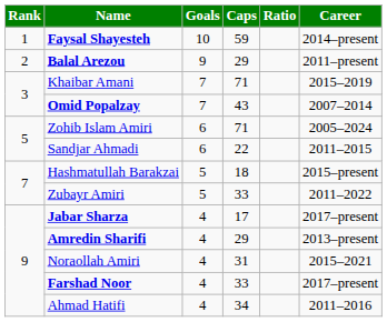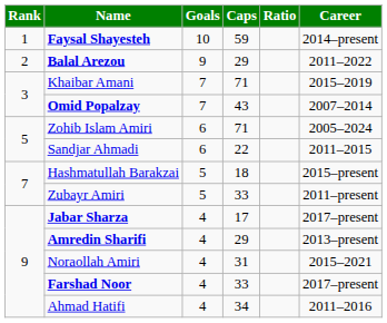 <table class="wikitable sortable" style="text-align:center">
 <tr>
 <th style="background:green; color:#FFF; ">Rank</th>
 <th style="background:green; color:#FFF; ">Name</th>
 <th style="background:green; color:#FFF; ">Goals</th>
 <th style="background:green; color:#FFF; ">Caps</th>
 <th style="background:green; color:#FFF; ">Ratio</th>
 <th style="background:green; color:#FFF; ">Career</th>
 </tr>
 <tr>
 <td>1</td>
 <td style="text-align:left"><strong><a href='#'>Faysal Shayesteh</a></strong></td>
 <td>10</td>
 <td>59</td>
 <td></td>
 <td>2014–present</td>
 </tr>
 <tr>
 <td>2</td>
 <td style="text-align:left"><strong><a href='#'>Balal Arezou</a></strong></td>
 <td>9</td>
 <td>29</td>
 <td></td>
-<td>2011–present</td>
+<td>2011–2022</td>
 </tr>
 <tr>
 <td rowspan="2">3</td>
 <td style="text-align:left"><a href='#'>Khaibar Amani</a></td>
 <td>7</td>
 <td>71</td>
 <td></td>
 <td>2015–2019</td>
 </tr>
 <tr>
 <td style="text-align:left"><strong><a href='#'>Omid Popalzay</a></strong></td>
 <td>7</td>
 <td>43</td>
 <td></td>
 <td>2007–2014</td>
 </tr>
 <tr>
 <td rowspan="2">5</td>
 <td style="text-align:left"><a href='#'>Zohib Islam Amiri</a></td>
 <td>6</td>
 <td>71</td>
 <td></td>
 <td>2005–2024</td>
 </tr>
 <tr>
 <td style="text-align:left"><a href='#'>Sandjar Ahmadi</a></td>
 <td>6</td>
 <td>22</td>
 <td></td>
 <td>2011–2015</td>
 </tr>
 <tr>
 <td rowspan="2">7</td>
 <td style="text-align:left"><a href='#'>Hashmatullah Barakzai</a></td>
 <td>5</td>
 <td>18</td>
 <td></td>
 <td>2015–present</td>
 </tr>
 <tr>
 <td style="text-align:left"><a href='#'>Zubayr Amiri</a></td>
 <td>5</td>
 <td>33</td>
 <td></td>
-<td>2011–2022</td>
+<td>2011–present</td>
 </tr>
 <tr>
 <td rowspan="5">9</td>
 <td style="text-align:left"><strong><a href='#'>Jabar Sharza</a></strong></td>
 <td>4</td>
 <td>17</td>
 <td></td>
 <td>2017–present</td>
 </tr>
 <tr>
 <td style="text-align:left"><strong><a href='#'>Amredin Sharifi</a></strong></td>
 <td>4</td>
 <td>29</td>
 <td></td>
 <td>2013–present</td>
 </tr>
 <tr>
 <td style="text-align:left"><a href='#'>Noraollah Amiri</a></td>
 <td>4</td>
 <td>31</td>
 <td></td>
 <td>2015–2021</td>
 </tr>
 <tr>
 <td style="text-align:left"><strong><a href='#'>Farshad Noor</a></strong></td>
 <td>4</td>
 <td>33</td>
 <td></td>
 <td>2017–present</td>
 </tr>
 <tr>
 <td style="text-align:left"><a href='#'>Ahmad Hatifi</a></td>
 <td>4</td>
 <td>34</td>
 <td></td>
 <td>2011–2016</td>
 </tr>
 </table>
